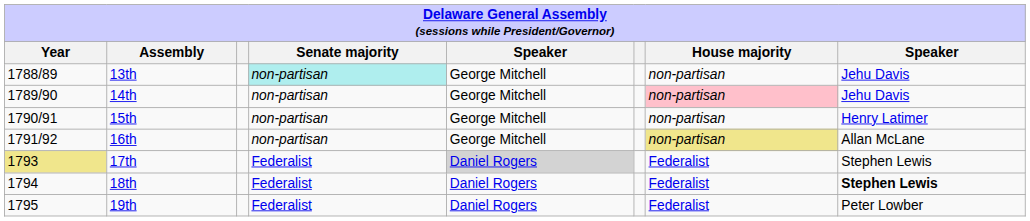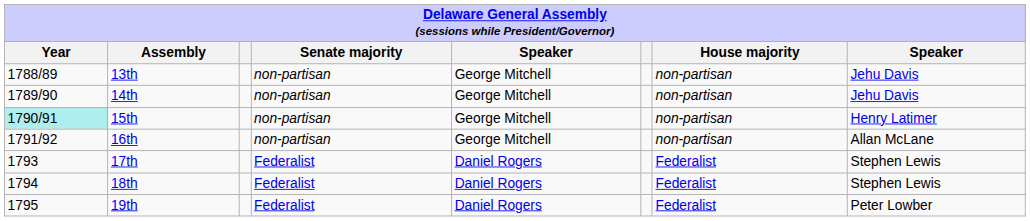 <table class=wikitable style="width: 94%" style="text-align: center;" align="center">
 <tr bgcolor=#cccccc>
 <th colspan=12 style="background: #ccccff;"><strong><a href='#'>Delaware General Assembly</a></strong> <br> <small> <em>(sessions while President/Governor)</em></small></th>
 </tr>
 <tr>
 <th><strong>Year</strong></th>
 <th><strong>Assembly</strong></th>
 <th></th>
 <th><strong>Senate majority</strong></th>
 <th><strong>Speaker</strong></th>
 <th></th>
 <th><strong>House majority</strong></th>
 <th><strong>Speaker</strong></th>
 </tr>
 <tr>
 <td>1788/89</td>
 <td><a href='#'>13th</a></td>
 <td></td>
-<td style="background: paleturquoise;"><em>non-partisan</em></td>
+<td><em>non-partisan</em></td>
 <td>George Mitchell</td>
 <td></td>
 <td><em>non-partisan</em></td>
 <td><a href='#'>Jehu Davis</a></td>
 </tr>
 <tr>
 <td>1789/90</td>
 <td><a href='#'>14th</a></td>
 <td></td>
 <td><em>non-partisan</em></td>
 <td>George Mitchell</td>
 <td></td>
-<td style="background: pink;"><em>non-partisan</em></td>
+<td><em>non-partisan</em></td>
 <td><a href='#'>Jehu Davis</a></td>
 </tr>
 <tr>
-<td>1790/91</td>
+<td style="background: paleturquoise;">1790/91</td>
 <td><a href='#'>15th</a></td>
 <td></td>
 <td><em>non-partisan</em></td>
 <td>George Mitchell</td>
 <td></td>
 <td><em>non-partisan</em></td>
 <td><a href='#'>Henry Latimer</a></td>
 </tr>
 <tr>
 <td>1791/92</td>
 <td><a href='#'>16th</a></td>
 <td></td>
 <td><em>non-partisan</em></td>
 <td>George Mitchell</td>
 <td></td>
-<td style="background: khaki;"><em>non-partisan</em></td>
+<td><em>non-partisan</em></td>
 <td>Allan McLane</td>
 </tr>
 <tr>
-<td style="background: khaki;">1793</td>
+<td>1793</td>
 <td><a href='#'>17th</a></td>
 <td></td>
 <td><a href='#'>Federalist</a></td>
-<td style="background: lightgrey;"><a href='#'>Daniel Rogers</a></td>
+<td><a href='#'>Daniel Rogers</a></td>
 <td></td>
 <td><a href='#'>Federalist</a></td>
 <td>Stephen Lewis</td>
 </tr>
 <tr>
 <td>1794</td>
 <td><a href='#'>18th</a></td>
 <td></td>
 <td><a href='#'>Federalist</a></td>
 <td><a href='#'>Daniel Rogers</a></td>
 <td></td>
 <td><a href='#'>Federalist</a></td>
-<td><strong>Stephen Lewis</strong></td>
+<td>Stephen Lewis</td>
 </tr>
 <tr>
 <td>1795</td>
 <td><a href='#'>19th</a></td>
 <td></td>
 <td><a href='#'>Federalist</a></td>
 <td><a href='#'>Daniel Rogers</a></td>
 <td></td>
 <td><a href='#'>Federalist</a></td>
 <td>Peter Lowber</td>
 </tr>
 </table>
